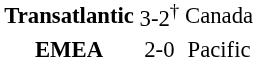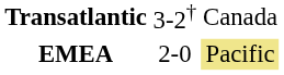 <table>
 <tr>
 <td align=center><strong>Transatlantic</strong></td>
 <td align=center>3-2<sup>†</sup></td>
 <td align=center>Canada</td>
 </tr>
 <tr>
 <td align=center><strong>EMEA</strong></td>
 <td align=center>2-0</td>
-<td align=center>Pacific</td>
+<td align=center style="background: khaki;">Pacific</td>
 </tr>
 </table>
